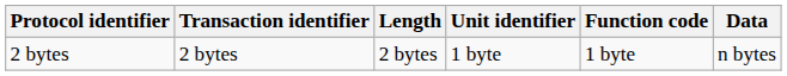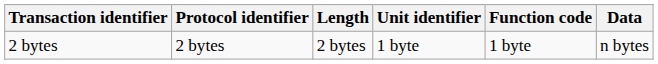 <table class="wikitable" style="float:middle; margin:0 0 1em 1em;">
 <tr>
+<th>Transaction identifier</th>
 <th>Protocol identifier</th>
-<th>Transaction identifier</th>
 <th>Length</th>
 <th>Unit identifier</th>
 <th>Function code</th>
 <th>Data</th>
 </tr>
 <tr>
 <td>2 bytes</td>
 <td>2 bytes</td>
 <td>2 bytes</td>
 <td>1 byte</td>
 <td>1 byte</td>
 <td>n bytes</td>
 </tr>
 </table>
